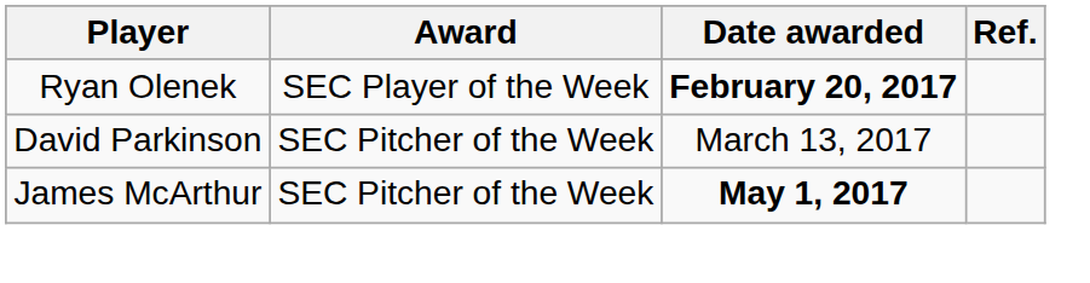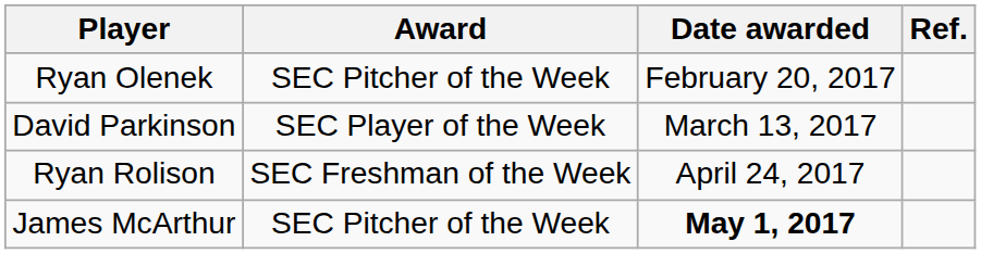 <table class="wikitable sortable sortable" style="text-align: center">
 <tr>
 <th>Player</th>
 <th>Award</th>
 <th>Date awarded</th>
 <th>Ref.</th>
 </tr>
 <tr>
 <td>Ryan Olenek</td>
-<td>SEC Player of the Week</td>
-<td><strong>February 20, 2017</strong></td>
+<td>SEC Pitcher of the Week</td>
+<td>February 20, 2017</td>
 <td></td>
 </tr>
 <tr>
 <td>David Parkinson</td>
-<td>SEC Pitcher of the Week</td>
+<td>SEC Player of the Week</td>
 <td>March 13, 2017</td>
+<td></td>
+</tr>
+<tr>
+<td>Ryan Rolison</td>
+<td>SEC Freshman of the Week</td>
+<td>April 24, 2017</td>
 <td></td>
 </tr>
 <tr>
 <td>James McArthur</td>
 <td>SEC Pitcher of the Week</td>
 <td><strong>May 1, 2017</strong></td>
 <td></td>
 </tr>
 </table>
